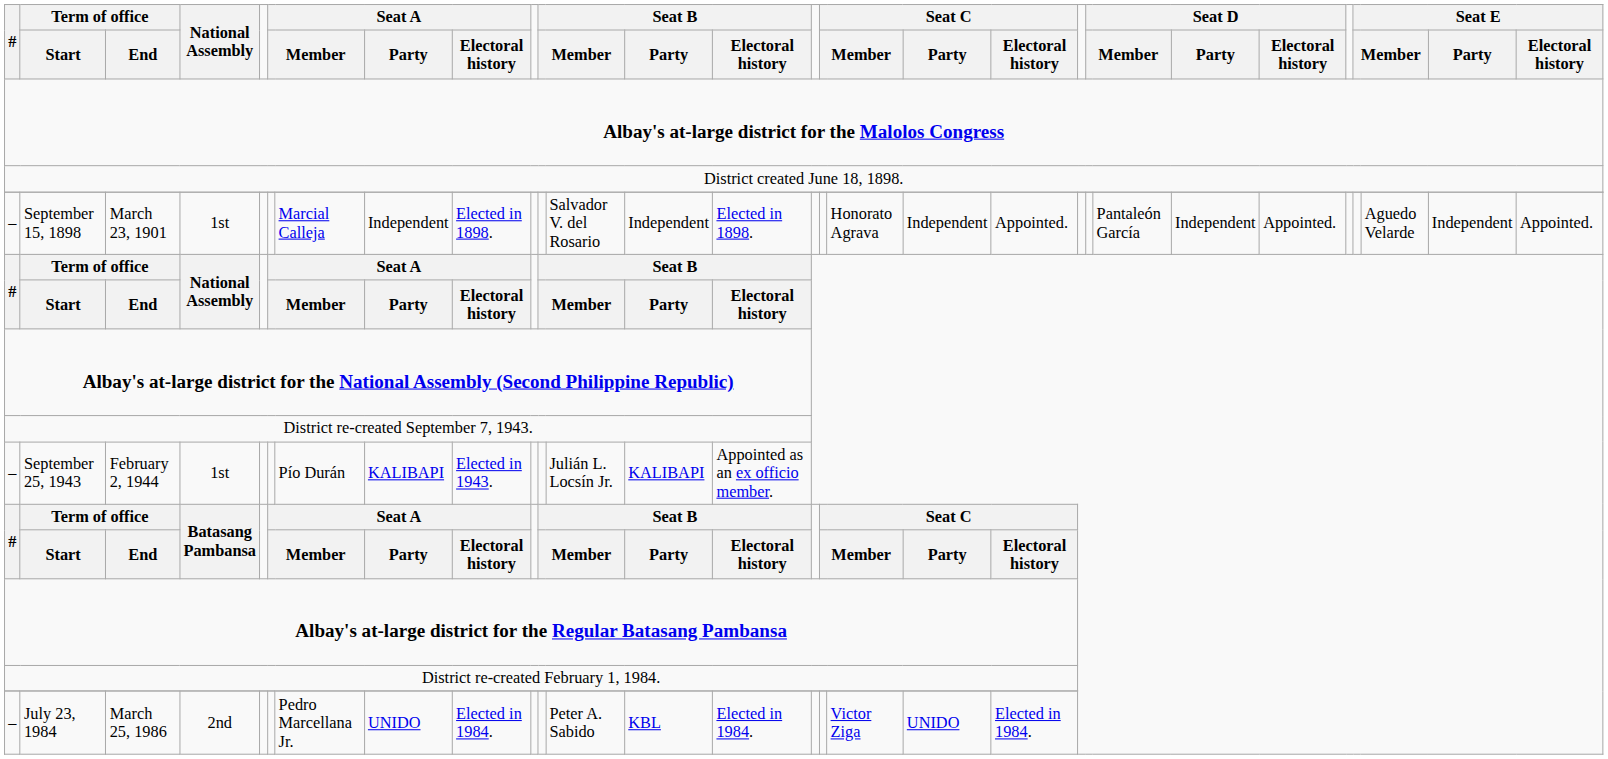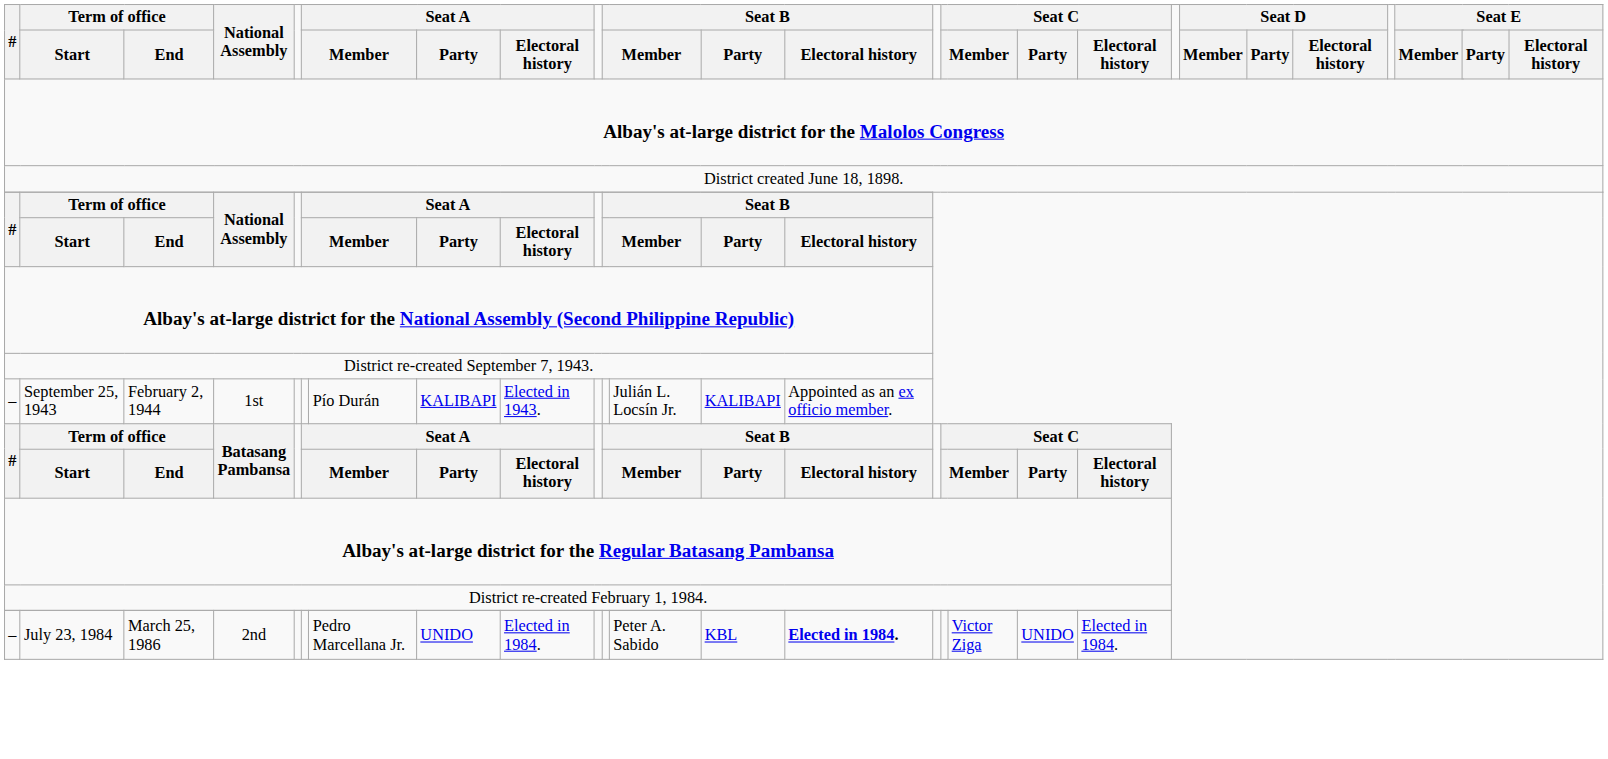 <table class=wikitable>
 <tr>
 <th rowspan=2>#</th>
 <th colspan=2>Term of office</th>
 <th rowspan=2>National<br>Assembly</th>
 <td rowspan=2></td>
 <th colspan=4>Seat A</th>
 <td rowspan=2></td>
 <th colspan=4>Seat B</th>
 <td rowspan=2></td>
 <th colspan=4>Seat C</th>
 <td rowspan=2></td>
 <th colspan=4>Seat D</th>
 <td rowspan=2></td>
 <th colspan=4>Seat E</th>
 </tr>
 <tr style="height:3em">
 <th>Start</th>
 <th>End</th>
 <th colspan="2" style="text-align:center;">Member</th>
 <th>Party</th>
 <th>Electoral history</th>
 <th colspan="2" style="text-align:center;">Member</th>
 <th>Party</th>
 <th>Electoral history</th>
 <th colspan="2" style="text-align:center;">Member</th>
 <th>Party</th>
 <th>Electoral history</th>
 <th colspan="2" style="text-align:center;">Member</th>
 <th>Party</th>
 <th>Electoral history</th>
 <th colspan="2" style="text-align:center;">Member</th>
 <th>Party</th>
 <th>Electoral history</th>
 </tr>
 <tr>
 <td colspan="29" style="text-align:center;"><br><h3>Albay's at-large district for the <a href='#'>Malolos Congress</a></h3></td>
 </tr>
 <tr>
 <td colspan="29" style="text-align:center;">District created June 18, 1898.</td>
 </tr>
 <tr>
-</tr>
-<tr style="height:3em">
-<td style="text-align:center;">–</td>
-<td>September 15, 1898</td>
-<td>March 23, 1901</td>
-<td style="text-align:center;">1st</td>
-<td></td>
-<td style="color:inherit;background:"></td>
-<td><a href='#'>Marcial Calleja</a></td>
-<td>Independent</td>
-<td><a href='#'>Elected in 1898</a>.</td>
-<td></td>
-<td style="color:inherit;background:"></td>
-<td>Salvador V. del Rosario</td>
-<td>Independent</td>
-<td><a href='#'>Elected in 1898</a>.</td>
-<td></td>
-<td style="color:inherit;background:"></td>
-<td>Honorato Agrava</td>
-<td>Independent</td>
-<td>Appointed.</td>
-<td></td>
-<td style="color:inherit;background:"></td>
-<td>Pantaleón García</td>
-<td>Independent</td>
-<td>Appointed.</td>
-<td></td>
-<td style="color:inherit;background:"></td>
-<td>Aguedo Velarde</td>
-<td>Independent</td>
-<td>Appointed.</td>
 </tr>
 <tr>
 <th rowspan=2>#</th>
 <th colspan=2>Term of office</th>
 <th rowspan=2>National<br>Assembly</th>
 <td rowspan=2></td>
 <th colspan=4>Seat A</th>
 <td rowspan=2></td>
 <th colspan=4>Seat B</th>
 </tr>
 <tr style="height:3em">
 <th>Start</th>
 <th>End</th>
 <th colspan="2" style="text-align:center;">Member</th>
 <th>Party</th>
 <th>Electoral history</th>
 <th colspan="2" style="text-align:center;">Member</th>
 <th>Party</th>
 <th>Electoral history</th>
 </tr>
 <tr>
 <td colspan=14 style="text-align:center;"><br><h3>Albay's at-large district for the <a href='#'>National Assembly (Second Philippine Republic)</a></h3></td>
 </tr>
 <tr>
 <td colspan="14" style="text-align:center;">District re-created September 7, 1943.</td>
 </tr>
 <tr>
 <td style="text-align:center;">–</td>
 <td>September 25, 1943</td>
 <td>February 2, 1944</td>
 <td style="text-align:center;">1st</td>
 <td></td>
 <td style="color:inherit;background:"></td>
 <td>Pío Durán</td>
 <td><a href='#'>KALIBAPI</a></td>
 <td><a href='#'>Elected in 1943</a>.</td>
 <td></td>
 <td style="color:inherit;background:"></td>
 <td>Julián L. Locsín Jr.</td>
 <td><a href='#'>KALIBAPI</a></td>
 <td>Appointed as an <a href='#'>ex officio member</a>.</td>
 </tr>
 <tr>
 <th rowspan=2>#</th>
 <th colspan=2>Term of office</th>
 <th rowspan=2>Batasang<br>Pambansa</th>
 <td rowspan=2></td>
 <th colspan=4>Seat A</th>
 <td rowspan=2></td>
 <th colspan=4>Seat B</th>
 <td rowspan=2></td>
 <th colspan=4>Seat C</th>
 </tr>
 <tr style="height:3em">
 <th>Start</th>
 <th>End</th>
 <th colspan="2" style="text-align:center;">Member</th>
 <th>Party</th>
 <th>Electoral history</th>
 <th colspan="2" style="text-align:center;">Member</th>
 <th>Party</th>
 <th>Electoral history</th>
 <th colspan="2" style="text-align:center;">Member</th>
 <th>Party</th>
 <th>Electoral history</th>
 </tr>
 <tr>
 <td colspan="19" style="text-align:center;"><br><h3>Albay's at-large district for the <a href='#'>Regular Batasang Pambansa</a></h3></td>
 </tr>
 <tr>
 <td colspan="19" style="text-align:center;">District re-created February 1, 1984.</td>
 </tr>
 <tr>
 </tr>
 <tr style="height:3em">
 <td style="text-align:center;">–</td>
 <td>July 23, 1984</td>
 <td>March 25, 1986</td>
 <td style="text-align:center;">2nd</td>
 <td></td>
 <td style="color:inherit;background:"></td>
 <td>Pedro Marcellana Jr.</td>
 <td><a href='#'>UNIDO</a></td>
 <td><a href='#'>Elected in 1984</a>.</td>
 <td></td>
 <td style="color:inherit;background:"></td>
 <td>Peter A. Sabido</td>
 <td><a href='#'>KBL</a></td>
-<td><a href='#'>Elected in 1984</a>.</td>
+<td><strong><a href='#'>Elected in 1984</a>.</strong></td>
 <td></td>
 <td style="color:inherit;background:"></td>
 <td><a href='#'>Victor Ziga</a></td>
 <td><a href='#'>UNIDO</a></td>
 <td><a href='#'>Elected in 1984</a>.</td>
 </tr>
 </table>
